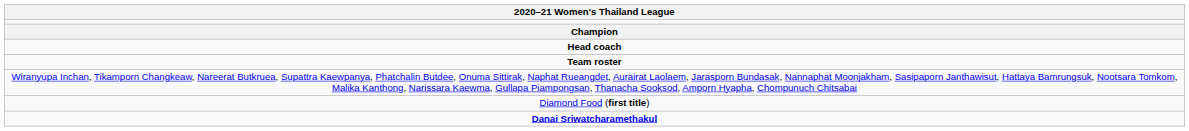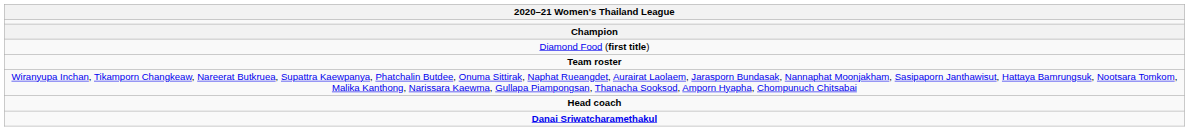 <table class="wikitable" style="text-align: center;">
 <tr>
 <th>2020–21 Women's Thailand League</th>
 </tr>
 <tr>
 <td></td>
 </tr>
 <tr>
 <th>Champion</th>
 </tr>
 <tr>
-<td><strong>Head coach</strong></td>
+<td><a href='#'>Diamond Food</a> (<strong>first title</strong>)</td>
 </tr>
 <tr>
 <td><strong>Team roster</strong></td>
 </tr>
 <tr>
 <td><a href='#'>Wiranyupa Inchan</a>, <a href='#'>Tikamporn Changkeaw</a>, <a href='#'>Nareerat Butkruea</a>, <a href='#'>Supattra Kaewpanya</a>, <a href='#'>Phatchalin Butdee</a>, <a href='#'>Onuma Sittirak</a>, <a href='#'>Naphat Rueangdet</a>, <a href='#'>Aurairat Laolaem</a>, <a href='#'>Jarasporn Bundasak</a>, <a href='#'>Nannaphat Moonjakham</a>, <a href='#'>Sasipaporn Janthawisut</a>, <a href='#'>Hattaya Bamrungsuk</a>, <a href='#'>Nootsara Tomkom</a>, <a href='#'>Malika Kanthong</a>, <a href='#'>Narissara Kaewma</a>, <a href='#'>Gullapa Piampongsan</a>, <a href='#'>Thanacha Sooksod</a>, <a href='#'>Amporn Hyapha</a>, <a href='#'>Chompunuch Chitsabai</a></td>
 </tr>
 <tr>
-<td><a href='#'>Diamond Food</a> (<strong>first title</strong>)</td>
+<td><strong>Head coach</strong></td>
 </tr>
 <tr>
 <td><strong><a href='#'>Danai Sriwatcharamethakul</a></strong></td>
 </tr>
 </table>
